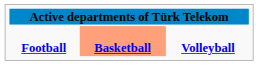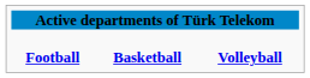 <table class="infobox" style="width: 19.7em; font-size: 100%em;">
 <tr bgcolor="#0087C9" style="text-align: center">
 <th colspan="3"><span>Active departments of Türk Telekom</span></th>
 </tr>
 <tr style="text-align: center">
 <td><br><strong><a href='#'>Football</a></strong></td>
-<td style="background: lightsalmon;"><br><strong><a href='#'>Basketball</a></strong></td>
+<td><br><strong><a href='#'>Basketball</a></strong></td>
 <td><br><strong><a href='#'>Volleyball</a></strong></td>
 </tr>
 </table>
